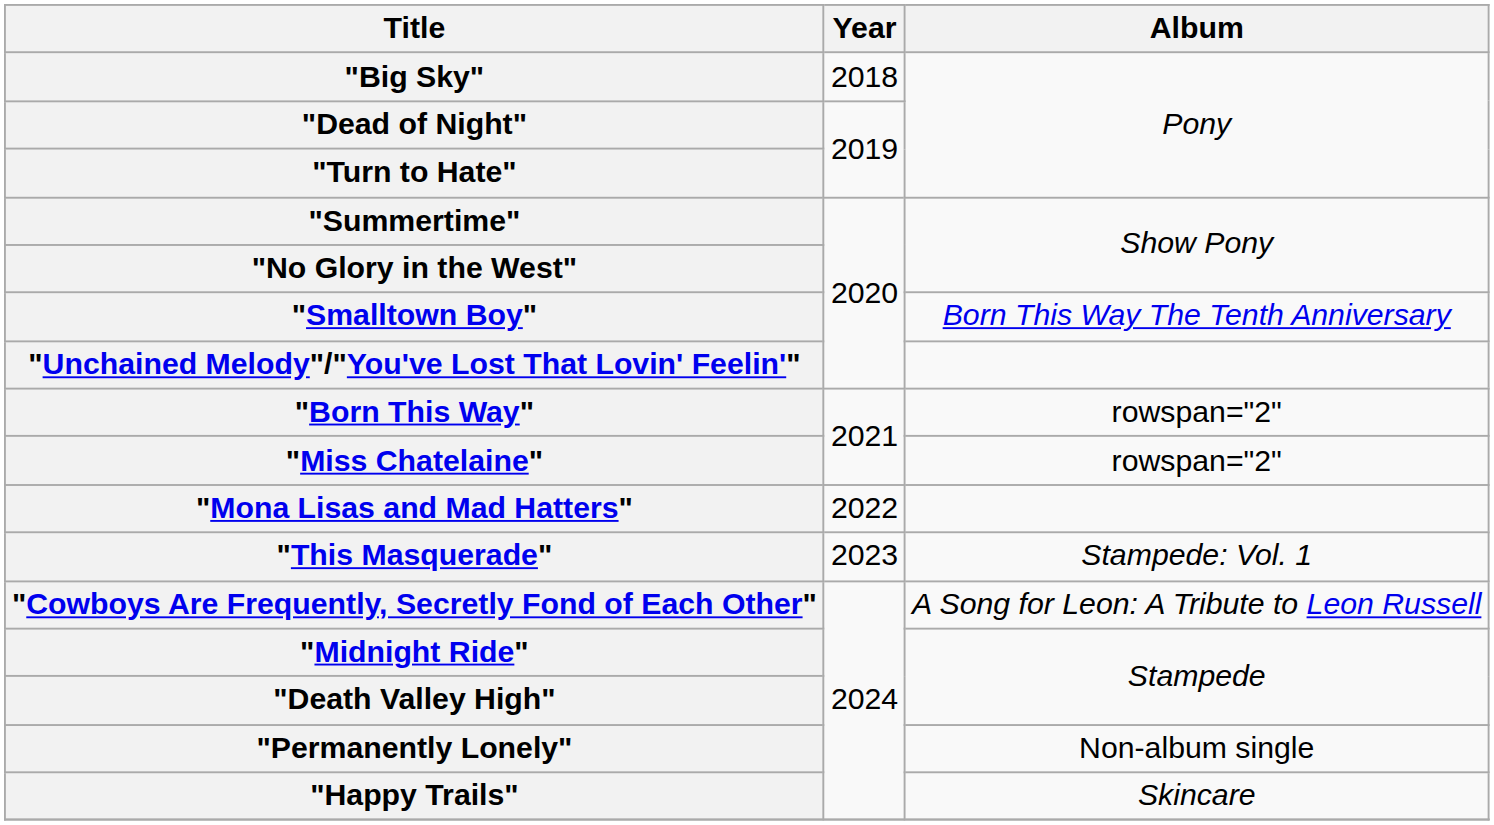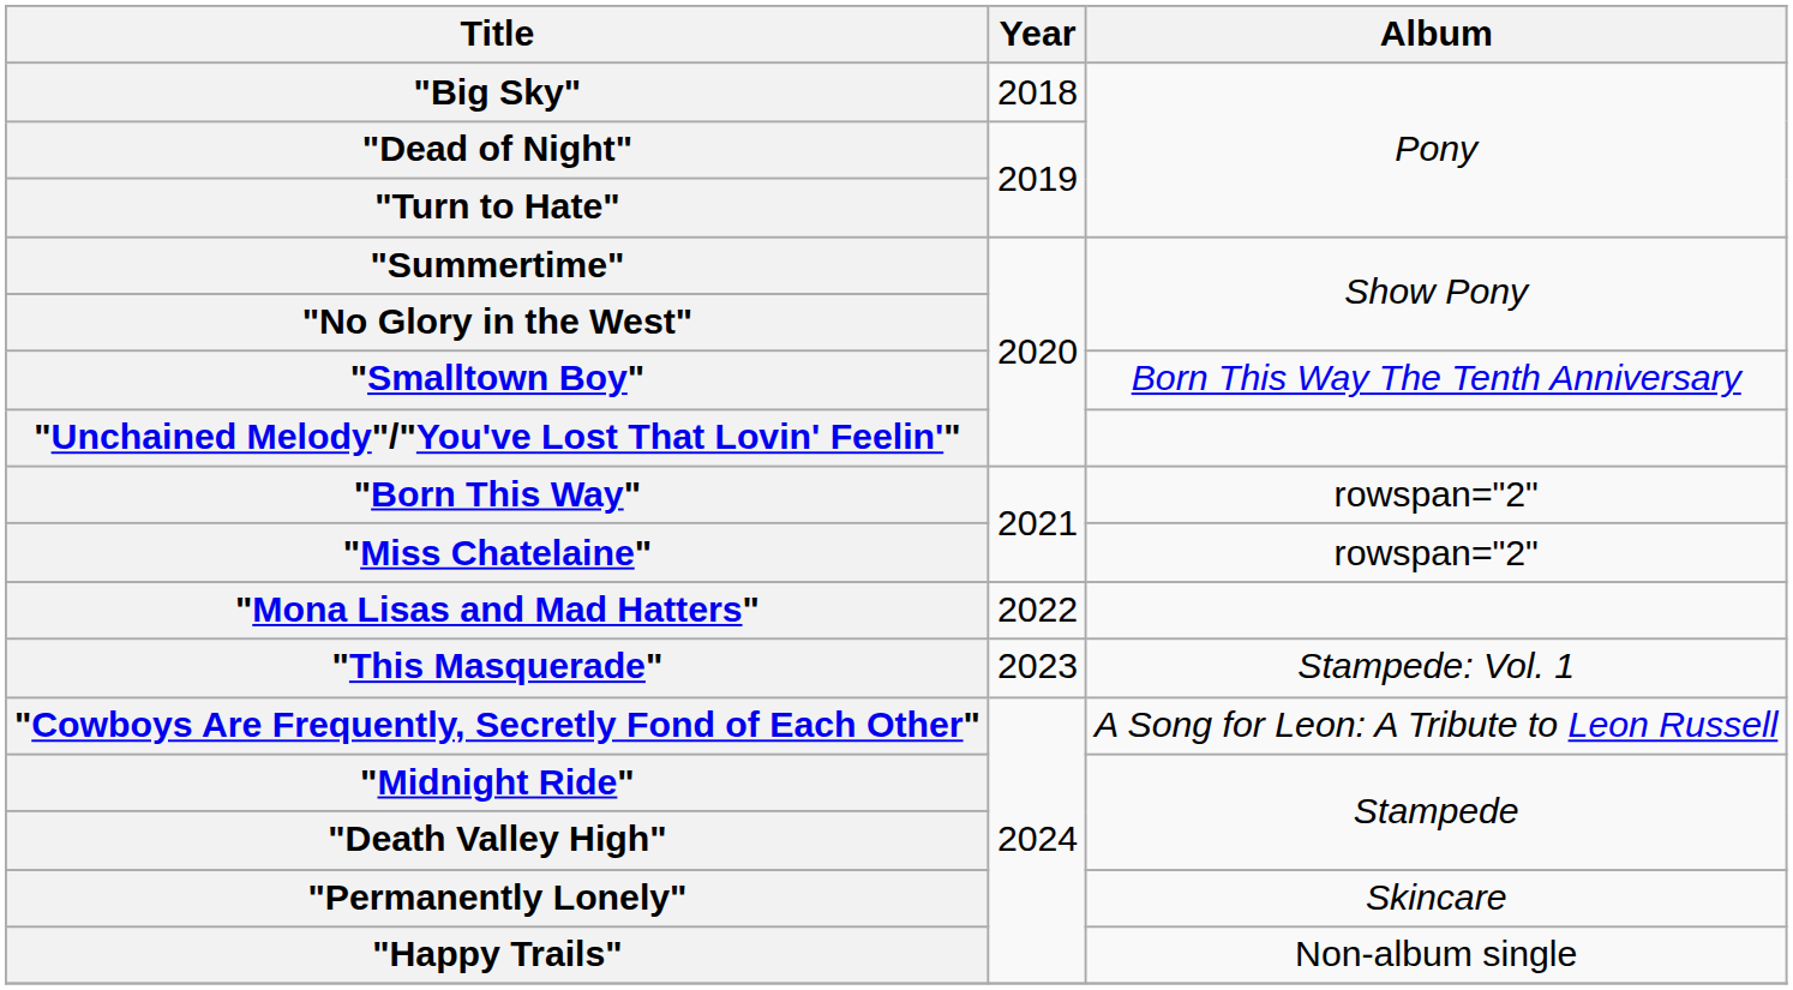 <table class="wikitable plainrowheaders" style="text-align:center;">
 <tr>
 <th scope="col">Title</th>
 <th scope="col">Year</th>
 <th scope="col">Album</th>
 </tr>
 <tr>
 <th scope = "row">"Big Sky"</th>
 <td>2018</td>
 <td rowspan = "3"><em>Pony</em></td>
 </tr>
 <tr>
 <th scope = "row">"Dead of Night"</th>
 <td rowspan="2">2019</td>
 </tr>
 <tr>
 <th scope = "row">"Turn to Hate"</th>
 </tr>
 <tr>
 <th scope = "row">"Summertime"</th>
 <td rowspan = "4">2020</td>
 <td rowspan = "2"><em>Show Pony</em></td>
 </tr>
 <tr>
 <th scope = "row">"No Glory in the West"</th>
 </tr>
 <tr>
 <th scope = "row">"<a href='#'>Smalltown Boy</a>"<br></th>
 <td><em><a href='#'>Born This Way The Tenth Anniversary</a></em></td>
 </tr>
 <tr>
 <th scope = "row">"<a href='#'>Unchained Melody</a>"/"<a href='#'>You've Lost That Lovin' Feelin'</a>"<br></th>
 </tr>
 <tr>
 <th scope = "row">"<a href='#'>Born This Way</a>"<br></th>
 <td rowspan="2">2021</td>
 <td>rowspan="2" </td>
 </tr>
 <tr>
 <th scope = "row">"<a href='#'>Miss Chatelaine</a>" </th>
 <td>rowspan="2" </td>
 </tr>
 <tr>
 <th scope="row">"<a href='#'>Mona Lisas and Mad Hatters</a>"</th>
 <td>2022</td>
 </tr>
 <tr>
 <th scope="row">"<a href='#'>This Masquerade</a>"</th>
 <td>2023</td>
 <td><em>Stampede: Vol. 1</em></td>
 </tr>
 <tr>
 <th scope="row">"<a href='#'>Cowboys Are Frequently, Secretly Fond of Each Other</a>" </th>
 <td rowspan="5">2024</td>
 <td><em>A Song for Leon: A Tribute to <a href='#'>Leon Russell</a></em></td>
 </tr>
 <tr>
 <th scope="row">"<a href='#'>Midnight Ride</a>" </th>
 <td rowspan="2"><em>Stampede</em></td>
 </tr>
 <tr>
 <th scope="row">"Death Valley High" </th>
 </tr>
 <tr>
 <th scope="row">"Permanently Lonely"</th>
-<td>Non-album single</td>
+<td><em>Skincare</em></td>
 </tr>
 <tr>
 <th scope="row">"Happy Trails"</th>
-<td><em>Skincare</em></td>
+<td>Non-album single</td>
 </tr>
 <tr>
 </tr>
 </table>
